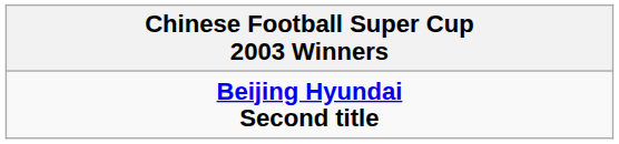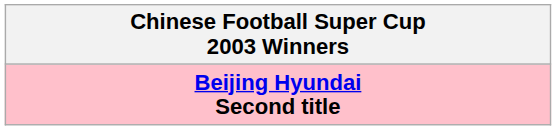 <table class="wikitable" style="text-align: center; margin: 0 auto; width: 20%">
 <tr>
 <th>Chinese Football Super Cup <br>2003 Winners</th>
 </tr>
 <tr>
-<td><strong><a href='#'>Beijing Hyundai</a></strong><br><strong>Second title</strong></td>
+<td style="background: pink;"><strong><a href='#'>Beijing Hyundai</a></strong><br><strong>Second title</strong></td>
 </tr>
 </table>
